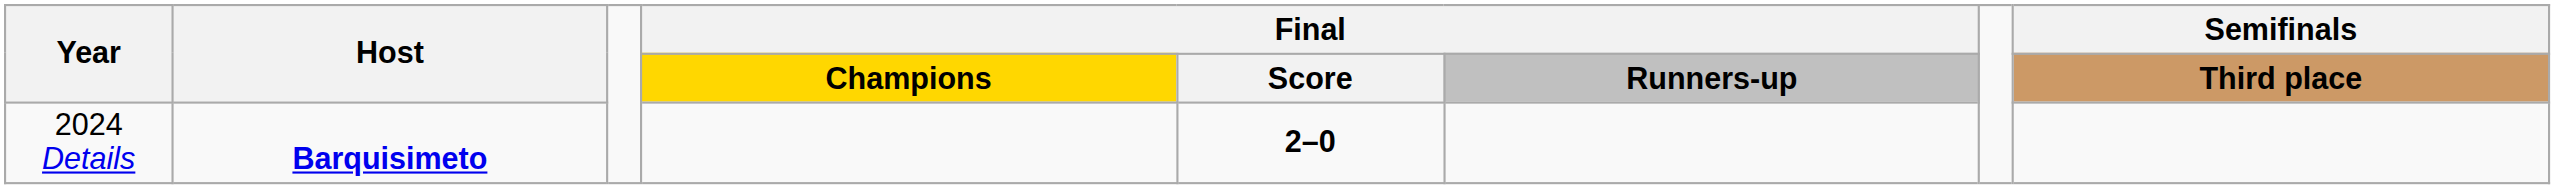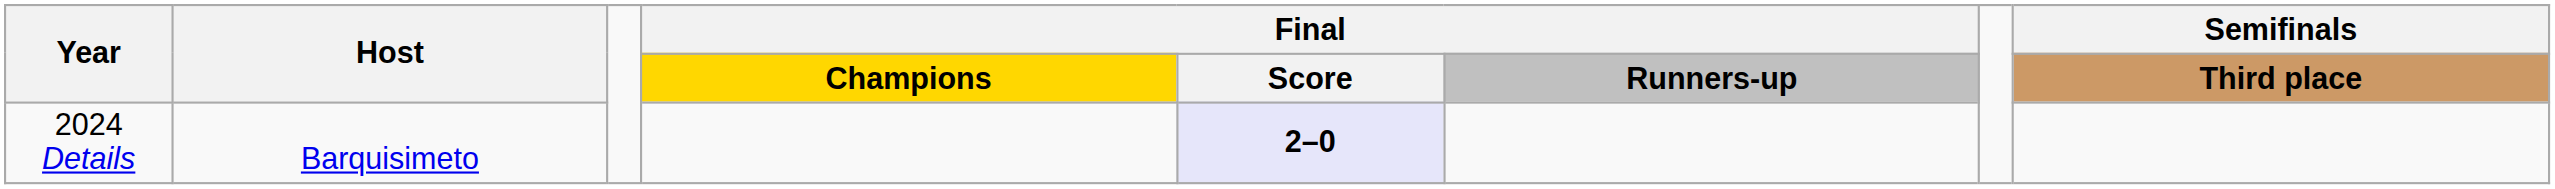 <table class="wikitable" style="font-size:90%; text-align: center;" width="95%">
 <tr>
 <th rowspan="2" style="width:5%;">Year</th>
 <th rowspan="2" style="width:13%;">Host</th>
 <td rowspan="4" style="width:1%; border-top:none; border-bottom:none;"></td>
 <th colspan="3">Final</th>
 <td rowspan="4" style="width:1%; border-top:none; border-bottom:none;"></td>
 <th colspan="3">Semifinals</th>
 </tr>
 <tr>
 <th style="width:16%; background:Gold;">Champions</th>
 <th width=8%>Score</th>
 <th style="width:16%; background:Silver;">Runners-up</th>
 <th style="width:16%; background:#c96;">Third place</th>
 </tr>
 <tr>
 <td>2024<br><em><a href='#'>Details</a></em></td>
-<td><strong><br><a href='#'>Barquisimeto</a></strong></td>
+<td><br><a href='#'>Barquisimeto</a></td>
 <td><strong></strong></td>
-<td><strong>2–0</strong></td>
+<td style="background: lavender;"><strong>2–0</strong></td>
 <td></td>
 <td></td>
 </tr>
 </table>
